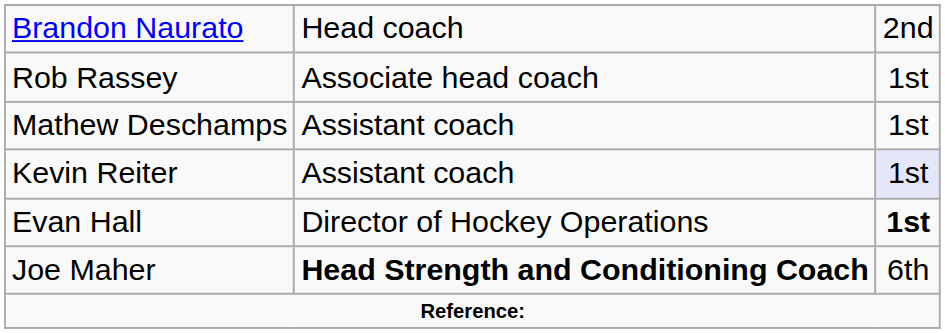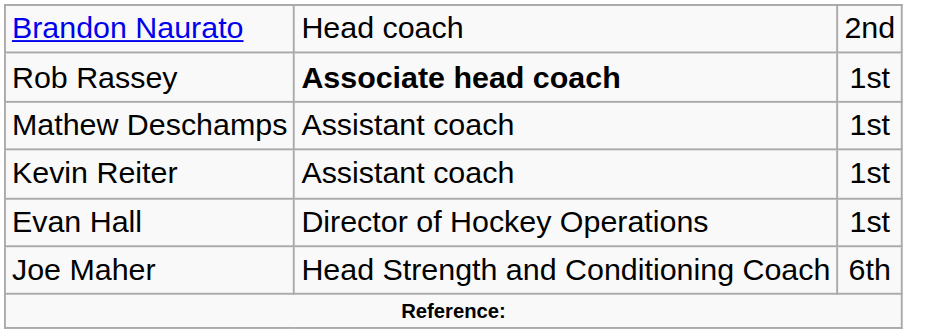 <table class="wikitable">
 <tr>
 </tr>
 <tr>
 <td><a href='#'>Brandon Naurato</a></td>
 <td>Head coach</td>
 <td align=center>2nd</td>
 </tr>
 <tr>
 <td>Rob Rassey</td>
-<td>Associate head coach</td>
+<td><strong>Associate head coach</strong></td>
 <td align=center>1st</td>
 </tr>
 <tr>
 <td>Mathew Deschamps</td>
 <td>Assistant coach</td>
 <td align=center>1st</td>
 </tr>
 <tr>
 <td>Kevin Reiter</td>
 <td>Assistant coach</td>
-<td align=center style="background: lavender;">1st</td>
+<td align=center>1st</td>
 </tr>
 <tr>
 <td>Evan Hall</td>
 <td>Director of Hockey Operations</td>
-<td align=center><strong>1st</strong></td>
+<td align=center>1st</td>
 </tr>
 <tr>
 <td>Joe Maher</td>
-<td><strong>Head Strength and Conditioning Coach</strong></td>
+<td>Head Strength and Conditioning Coach</td>
 <td align=center>6th</td>
 </tr>
 <tr>
 <td colspan="4"  style="font-size:8pt; text-align:center;"><strong>Reference:</strong></td>
 </tr>
 </table>
